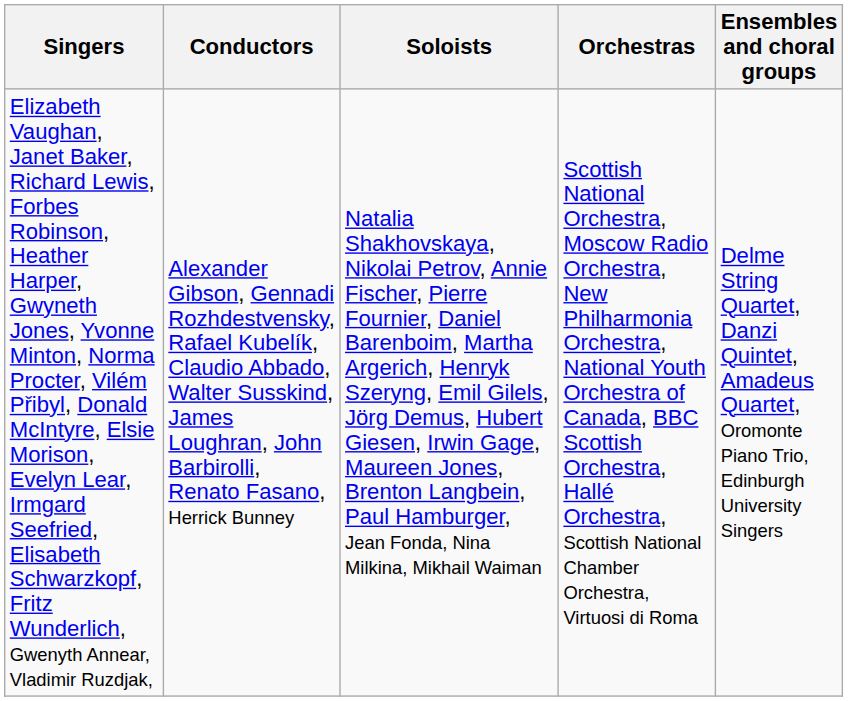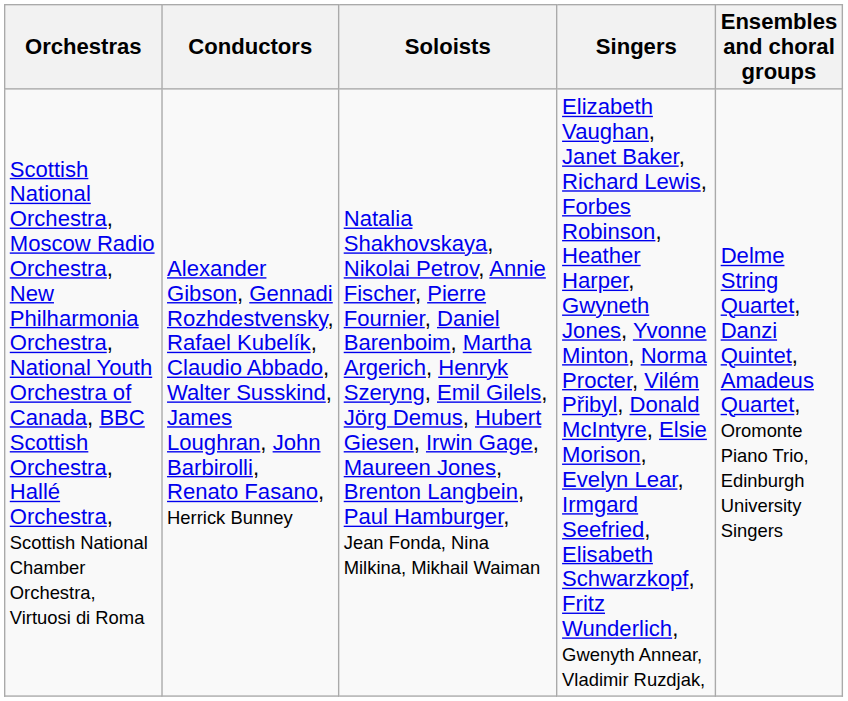 <table class="wikitable toptextcells">
 <tr class="hintergrundfarbe5">
-<th style="width:20%;">Singers</th>
+<th style="width:20%;">Orchestras</th>
 <th style="width:15%;">Conductors</th>
 <th style="width:30%;">Soloists</th>
-<th style="width:20%;">Orchestras</th>
+<th style="width:20%;">Singers</th>
 <th style="width:15%;">Ensembles and choral groups</th>
 </tr>
 <tr>
-<td><a href='#'>Elizabeth Vaughan</a>, <a href='#'>Janet Baker</a>, <a href='#'>Richard Lewis</a>, <a href='#'>Forbes Robinson</a>, <a href='#'>Heather Harper</a>, <a href='#'>Gwyneth Jones</a>, <a href='#'>Yvonne Minton</a>, <a href='#'>Norma Procter</a>, <a href='#'>Vilém Přibyl</a>,  <a href='#'>Donald McIntyre</a>, <a href='#'>Elsie Morison</a>, <a href='#'>Evelyn Lear</a>, <a href='#'>Irmgard Seefried</a>, <a href='#'>Elisabeth Schwarzkopf</a>, <a href='#'>Fritz Wunderlich</a>, <small>Gwenyth Annear, Vladimir Ruzdjak,</small></td>
+<td><a href='#'>Scottish National Orchestra</a>, <a href='#'>Moscow Radio Orchestra</a>, <a href='#'>New Philharmonia Orchestra</a>, <a href='#'>National Youth Orchestra of Canada</a>, <a href='#'>BBC Scottish Orchestra</a>, <a href='#'>Hallé Orchestra</a>, <small>Scottish National Chamber Orchestra, Virtuosi di Roma</small></td>
 <td><a href='#'>Alexander Gibson</a>, <a href='#'>Gennadi Rozhdestvensky</a>, <a href='#'>Rafael Kubelík</a>, <a href='#'>Claudio Abbado</a>, <a href='#'>Walter Susskind</a>, <a href='#'>James Loughran</a>, <a href='#'>John Barbirolli</a>, <a href='#'>Renato Fasano</a>, <small>Herrick Bunney</small></td>
 <td><a href='#'>Natalia Shakhovskaya</a>, <a href='#'>Nikolai Petrov</a>, <a href='#'>Annie Fischer</a>, <a href='#'>Pierre Fournier</a>, <a href='#'>Daniel Barenboim</a>, <a href='#'>Martha Argerich</a>, <a href='#'>Henryk Szeryng</a>, <a href='#'>Emil Gilels</a>, <a href='#'>Jörg Demus</a>, <a href='#'>Hubert Giesen</a>, <a href='#'>Irwin Gage</a>, <a href='#'>Maureen Jones</a>, <a href='#'>Brenton Langbein</a>,  <a href='#'>Paul Hamburger</a>, <small>Jean Fonda, Nina Milkina, Mikhail Waiman</small></td>
-<td><a href='#'>Scottish National Orchestra</a>, <a href='#'>Moscow Radio Orchestra</a>, <a href='#'>New Philharmonia Orchestra</a>, <a href='#'>National Youth Orchestra of Canada</a>, <a href='#'>BBC Scottish Orchestra</a>, <a href='#'>Hallé Orchestra</a>, <small>Scottish National Chamber Orchestra, Virtuosi di Roma</small></td>
+<td><a href='#'>Elizabeth Vaughan</a>, <a href='#'>Janet Baker</a>, <a href='#'>Richard Lewis</a>, <a href='#'>Forbes Robinson</a>, <a href='#'>Heather Harper</a>, <a href='#'>Gwyneth Jones</a>, <a href='#'>Yvonne Minton</a>, <a href='#'>Norma Procter</a>, <a href='#'>Vilém Přibyl</a>,  <a href='#'>Donald McIntyre</a>, <a href='#'>Elsie Morison</a>, <a href='#'>Evelyn Lear</a>, <a href='#'>Irmgard Seefried</a>, <a href='#'>Elisabeth Schwarzkopf</a>, <a href='#'>Fritz Wunderlich</a>, <small>Gwenyth Annear, Vladimir Ruzdjak,</small></td>
 <td><a href='#'>Delme String Quartet</a>, <a href='#'>Danzi Quintet</a>, <a href='#'>Amadeus Quartet</a>, <small>Oromonte Piano Trio, Edinburgh University Singers</small></td>
 </tr>
 </table>
